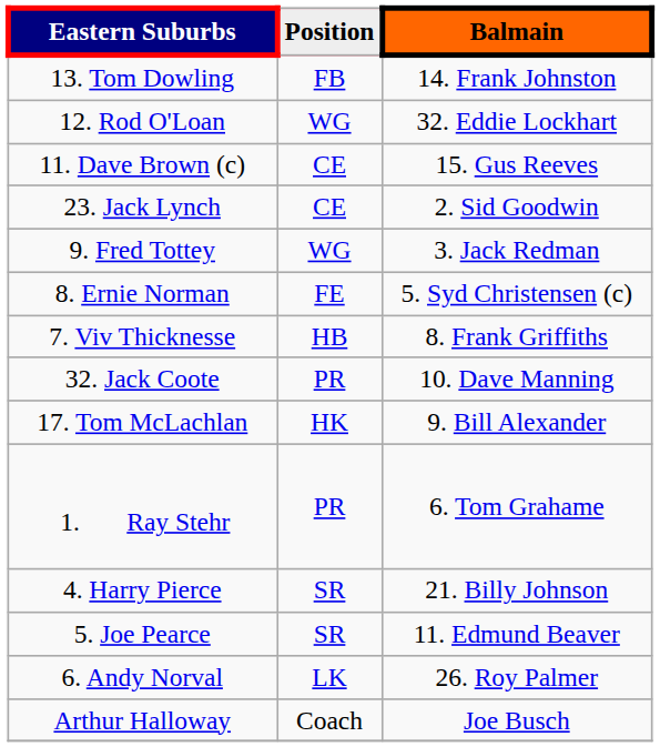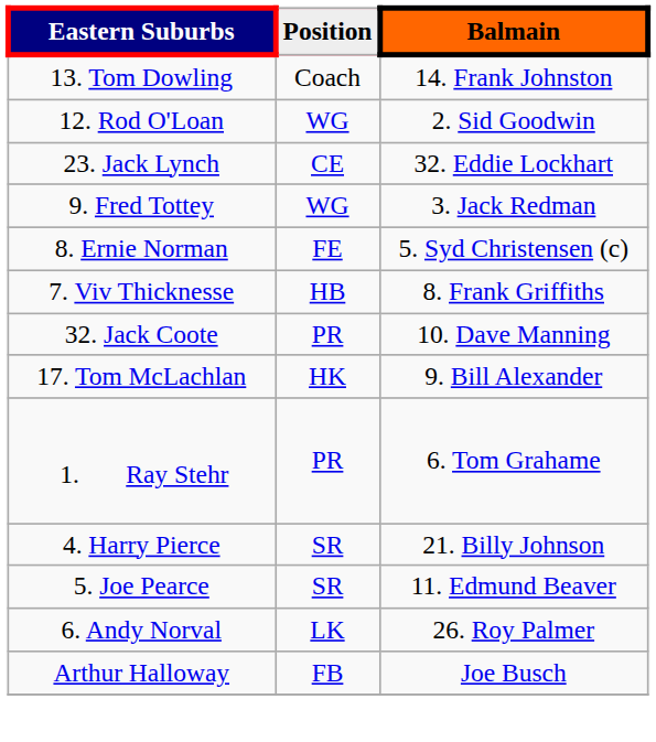 <table align="right" class="wikitable" style="font-size:90%; margin-left:1em">
 <tr bgcolor="#FF0033">
 <th style="width:140px; border:3px solid red; background: navy; color: white">Eastern Suburbs</th>
 <th style="width:40px; text-align:center; background:#eee; color:black;">Position</th>
 <th style="width:140px; border:3px solid black; background: #f60; color: black">Balmain</th>
 </tr>
 <tr align=center>
 <td>13. <a href='#'>Tom Dowling</a></td>
-<td><a href='#'>FB</a></td>
+<td>Coach</td>
 <td>14. <a href='#'>Frank Johnston</a></td>
 </tr>
 <tr align=center>
 <td>12. <a href='#'>Rod O'Loan</a></td>
 <td><a href='#'>WG</a></td>
-<td>32. <a href='#'>Eddie Lockhart</a></td>
-</tr>
-<tr align=center>
-<td>11. <a href='#'>Dave Brown</a> (c)</td>
-<td><a href='#'>CE</a></td>
-<td>15. <a href='#'>Gus Reeves</a></td>
+<td>2. <a href='#'>Sid Goodwin</a></td>
 </tr>
 <tr align=center>
 <td>23. <a href='#'>Jack Lynch</a></td>
 <td><a href='#'>CE</a></td>
-<td>2. <a href='#'>Sid Goodwin</a></td>
+<td>32. <a href='#'>Eddie Lockhart</a></td>
 </tr>
 <tr align=center>
 <td>9. <a href='#'>Fred Tottey</a></td>
 <td><a href='#'>WG</a></td>
 <td>3. <a href='#'>Jack Redman</a></td>
 </tr>
 <tr align=center>
 <td>8. <a href='#'>Ernie Norman</a></td>
 <td><a href='#'>FE</a></td>
 <td>5. <a href='#'>Syd Christensen</a> (c)</td>
 </tr>
 <tr align=center>
 <td>7. <a href='#'>Viv Thicknesse</a></td>
 <td><a href='#'>HB</a></td>
 <td>8. <a href='#'>Frank Griffiths</a></td>
 </tr>
 <tr align=center>
 <td>32. <a href='#'>Jack Coote</a></td>
 <td><a href='#'>PR</a></td>
 <td>10. <a href='#'>Dave Manning</a></td>
 </tr>
 <tr align=center>
 <td>17. <a href='#'>Tom McLachlan</a></td>
 <td><a href='#'>HK</a></td>
 <td>9. <a href='#'>Bill Alexander</a></td>
 </tr>
 <tr align=center>
 <td><br><ol><li><a href='#'>Ray Stehr</a></li></ol></td>
 <td><a href='#'>PR</a></td>
 <td>6. <a href='#'>Tom Grahame</a></td>
 </tr>
 <tr align=center>
 <td>4. <a href='#'>Harry Pierce</a></td>
 <td><a href='#'>SR</a></td>
 <td>21. <a href='#'>Billy Johnson</a></td>
 </tr>
 <tr align=center>
 <td>5. <a href='#'>Joe Pearce</a></td>
 <td><a href='#'>SR</a></td>
 <td>11. <a href='#'>Edmund Beaver</a></td>
 </tr>
 <tr align=center>
 <td>6. <a href='#'>Andy Norval</a></td>
 <td><a href='#'>LK</a></td>
 <td>26. <a href='#'>Roy Palmer</a></td>
 </tr>
 <tr align=center>
 <td><a href='#'>Arthur Halloway</a></td>
-<td>Coach</td>
+<td><a href='#'>FB</a></td>
 <td><a href='#'>Joe Busch</a></td>
 </tr>
 <tr>
 </tr>
 </table>
